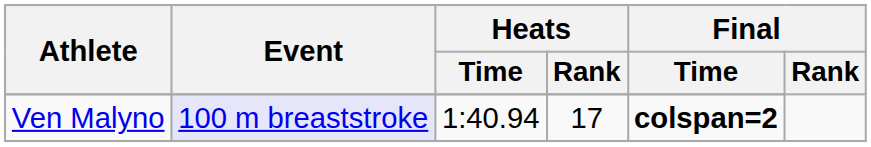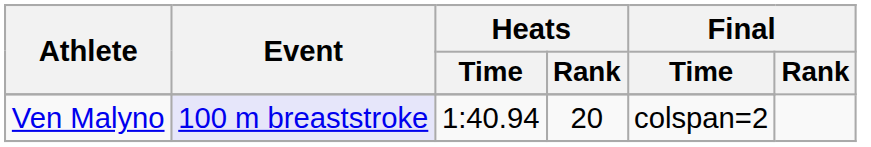 <table class="wikitable" style="font-size:90%">
 <tr>
 <th rowspan=2>Athlete</th>
 <th rowspan=2>Event</th>
 <th colspan=2>Heats</th>
 <th colspan=2>Final</th>
 </tr>
 <tr style="font-size:95%">
 <th>Time</th>
 <th>Rank</th>
 <th>Time</th>
 <th>Rank</th>
 </tr>
 <tr>
 </tr>
 <tr align=center>
 <td align=left><a href='#'>Ven Malyno</a></td>
 <td style="background: lavender;"><a href='#'>100 m breaststroke</a></td>
 <td>1:40.94</td>
-<td align=center>17</td>
-<td><strong>colspan=2 </strong></td>
+<td align=center>20</td>
+<td>colspan=2 </td>
 </tr>
 <tr>
 </tr>
 </table>
